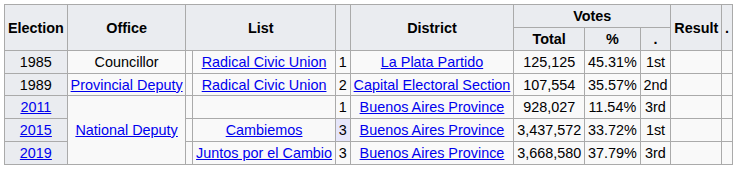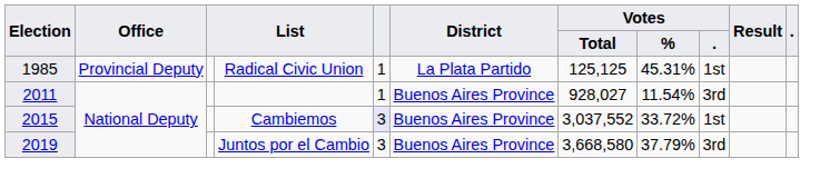 <table class="wikitable" style="font-size:90%; text-align:center;">
 <tr>
 <th style="background-color:#EAECF0;" rowspan=2>Election</th>
 <th style="background-color:#EAECF0;" rowspan=2>Office</th>
 <th style="background-color:#EAECF0;" colspan=2 rowspan=2>List</th>
 <th style="background-color:#EAECF0;" rowspan=2></th>
 <th style="background-color:#EAECF0;" rowspan=2>District</th>
 <th style="background-color:#EAECF0;" colspan=3>Votes</th>
 <th style="background-color:#EAECF0;" rowspan=2>Result</th>
 <th style="background-color:#EAECF0;" rowspan=2>.</th>
 </tr>
 <tr>
 <th style="background-color:#EAECF0;">Total</th>
 <th style="background-color:#EAECF0;">%</th>
 <th style="background-color:#EAECF0;">.</th>
 </tr>
 <tr>
 <td style="background-color:#EAECF0;">1985</td>
-<td>Councillor</td>
+<td><a href='#'>Provincial Deputy</a></td>
 <td style="background-color:"></td>
 <td><a href='#'>Radical Civic Union</a></td>
 <td>1</td>
 <td><a href='#'>La Plata Partido</a></td>
 <td>125,125</td>
 <td>45.31%</td>
 <td>1st</td>
-<td></td>
-<td></td>
-</tr>
-<tr>
-<td style="background-color:#EAECF0;">1989</td>
-<td><a href='#'>Provincial Deputy</a></td>
-<td style="background-color:"></td>
-<td><a href='#'>Radical Civic Union</a></td>
-<td>2</td>
-<td><a href='#'>Capital Electoral Section</a></td>
-<td>107,554</td>
-<td>35.57%</td>
-<td>2nd</td>
 <td></td>
 <td></td>
 </tr>
 <tr>
 <td style="background-color:#EAECF0;"><a href='#'>2011</a></td>
 <td rowspan=3><a href='#'>National Deputy</a></td>
 <td style="background-color:"></td>
 <td></td>
 <td>1</td>
 <td><a href='#'>Buenos Aires Province</a></td>
 <td>928,027</td>
 <td>11.54%</td>
 <td>3rd</td>
 <td></td>
 <td></td>
 </tr>
 <tr>
 <td style="background-color:#EAECF0;"><a href='#'>2015</a></td>
 <td style="background-color:"></td>
 <td><a href='#'>Cambiemos</a></td>
 <td style="background: lavender;">3</td>
 <td><a href='#'>Buenos Aires Province</a></td>
-<td>3,437,572</td>
+<td>3,037,552</td>
 <td>33.72%</td>
 <td>1st</td>
 <td></td>
 <td></td>
 </tr>
 <tr>
 <td style="background-color:#EAECF0;"><a href='#'>2019</a></td>
 <td style="background-color:"></td>
 <td><a href='#'>Juntos por el Cambio</a></td>
 <td>3</td>
 <td><a href='#'>Buenos Aires Province</a></td>
 <td>3,668,580</td>
 <td>37.79%</td>
 <td>3rd</td>
 <td></td>
 <td></td>
 </tr>
 <tr>
 </tr>
 </table>
